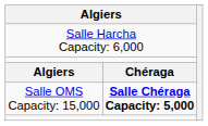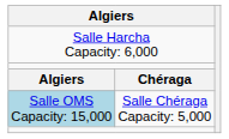 <table class="wikitable" style="margin:1em auto; text-align:center;">
 <tr>
 <th style="border-left:none; border-right;" colspan=2>Algiers</th>
 <th rowspan=6></th>
 </tr>
 <tr>
 <td style="border-left:none; border-right;" colspan=2><a href='#'>Salle Harcha</a><br>Capacity: 6,000</td>
 </tr>
 <tr>
 <td style="border:none;" colspan=2></td>
 </tr>
 <tr>
 <th style="border-left:none; border-right;">Algiers</th>
 <th style="border-left:none; border-right;">Chéraga</th>
 </tr>
 <tr>
-<td style="border-left:none; border-right;"><a href='#'>Salle OMS</a><br>Capacity: 15,000</td>
-<td style="border-left:none; border-right;"><strong><a href='#'>Salle Chéraga</a><br>Capacity: 5,000</strong></td>
+<td style="background: lightblue; border-left:none; border-right;"><a href='#'>Salle OMS</a><br>Capacity: 15,000</td>
+<td style="border-left:none; border-right;"><a href='#'>Salle Chéraga</a><br>Capacity: 5,000</td>
 </tr>
 <tr>
 <td style="border:none;"></td>
 <td style="border:none;"></td>
 </tr>
 </table>
